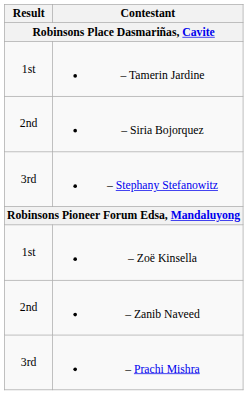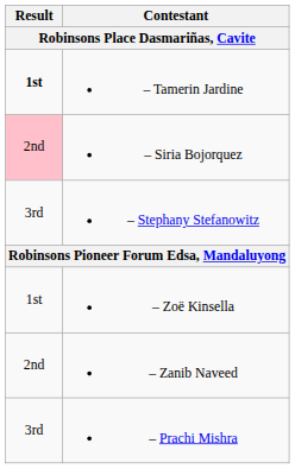 <table class="wikitable" style="text-align:center;">
 <tr>
 <th>Result</th>
 <th>Contestant</th>
 </tr>
 <tr>
 <th colspan=2>Robinsons Place Dasmariñas, <a href='#'>Cavite</a></th>
 </tr>
 <tr>
-<td>1st</td>
+<td><strong>1st</strong></td>
 <td><br><ul><li> – Tamerin Jardine</li></ul></td>
 </tr>
 <tr>
-<td>2nd</td>
+<td style="background: pink;">2nd</td>
 <td><br><ul><li> – Siria Bojorquez</li></ul></td>
 </tr>
 <tr>
 <td>3rd</td>
 <td><br><ul><li> – <a href='#'>Stephany Stefanowitz</a></li></ul></td>
 </tr>
 <tr>
 <th colspan=2>Robinsons Pioneer Forum Edsa, <a href='#'>Mandaluyong</a></th>
 </tr>
 <tr>
 <td>1st</td>
 <td><br><ul><li> – Zoë Kinsella</li></ul></td>
 </tr>
 <tr>
 <td>2nd</td>
 <td><br><ul><li> – Zanib Naveed</li></ul></td>
 </tr>
 <tr>
 <td>3rd</td>
 <td><br><ul><li> – <a href='#'>Prachi Mishra</a></li></ul></td>
 </tr>
 </table>
